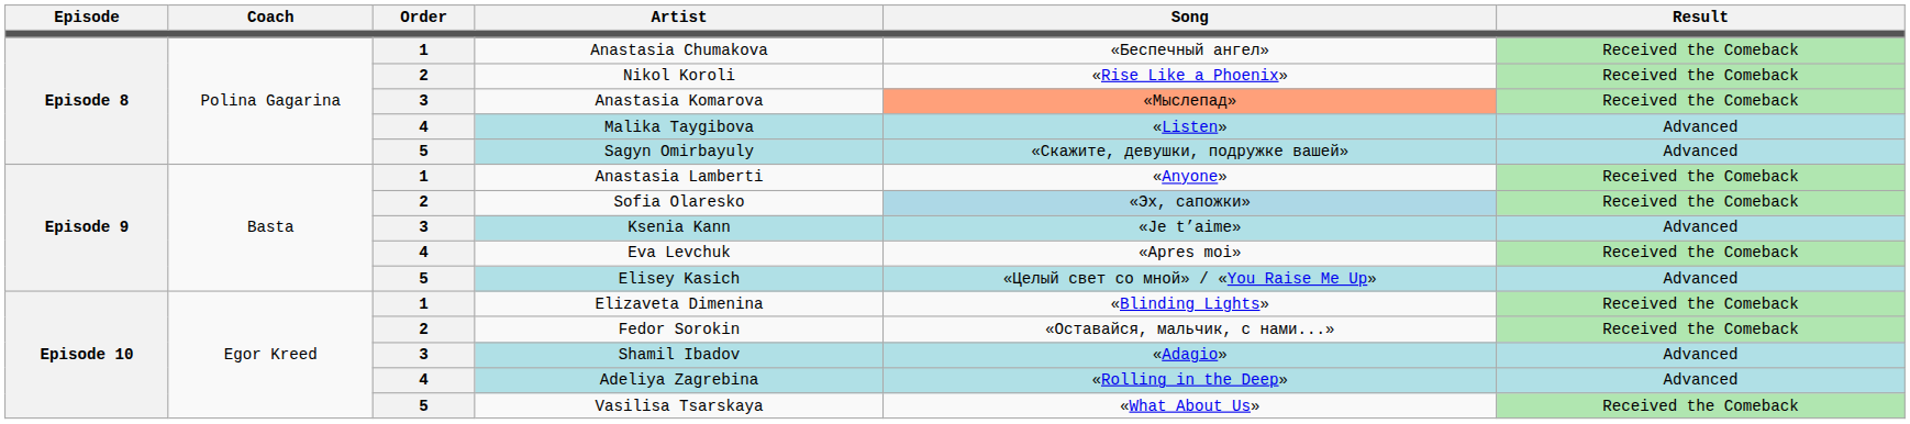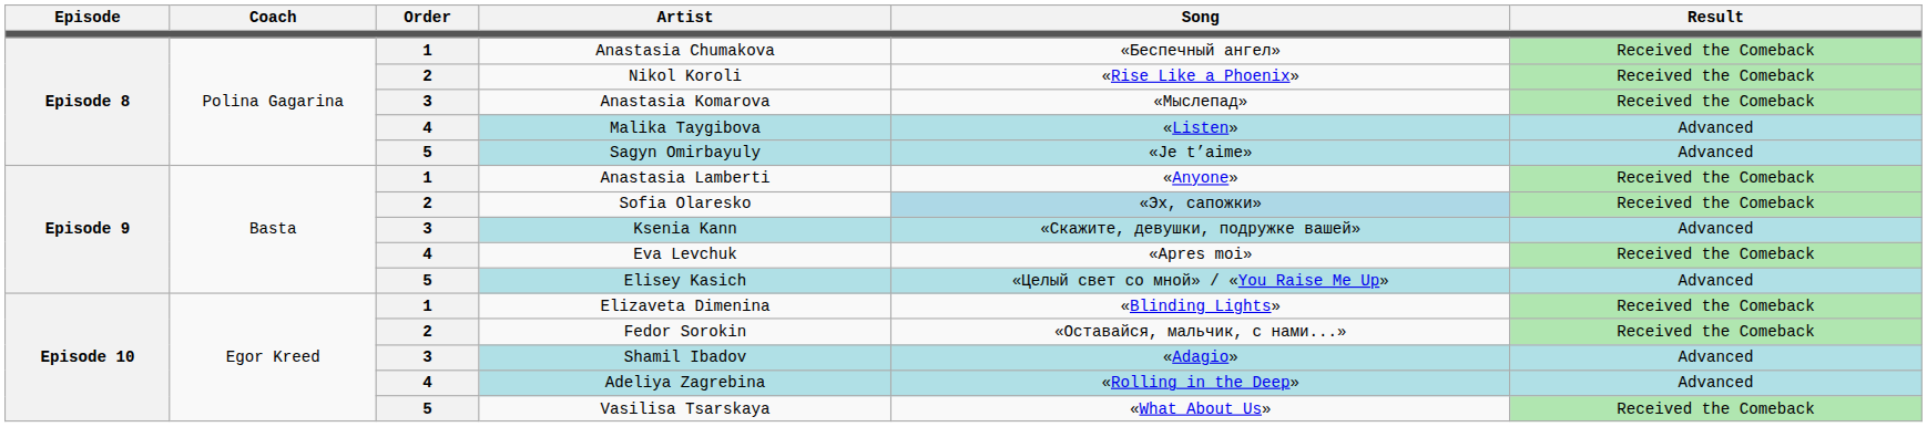 <table class="wikitable" style="text-align: center; width:80%;">
 <tr>
 <th style="width:08%;">Episode</th>
 <th style="width:10%;">Coach</th>
 <th style="width:05%;">Order</th>
 <th style="width:20%;">Artist</th>
 <th style="width:30%;">Song</th>
 <th style="width:20%;">Result</th>
 </tr>
 <tr>
 <td colspan=6 style="background:#555;"></td>
 </tr>
 <tr>
 <th rowspan=5>Episode 8<br><small></small></th>
 <td rowspan=5>Polina Gagarina</td>
 <th>1</th>
 <td>Anastasia Chumakova</td>
 <td>«Беспечный ангел»</td>
 <td style="background:#b0e6b0;">Received the Comeback</td>
 </tr>
 <tr>
 <th>2</th>
 <td>Nikol Koroli</td>
 <td>«<a href='#'>Rise Like a Phoenix</a>»</td>
 <td style="background:#b0e6b0;">Received the Comeback</td>
 </tr>
 <tr>
 <th>3</th>
 <td>Anastasia Komarova</td>
-<td style="background: lightsalmon;">«Мыслепад»</td>
+<td>«Мыслепад»</td>
 <td style="background:#b0e6b0;">Received the Comeback</td>
 </tr>
 <tr>
 <th>4</th>
 <td style="background:#b0e0e6;">Malika Taygibova</td>
 <td style="background:#b0e0e6;">«<a href='#'>Listen</a>»</td>
 <td style="background:#b0e0e6;">Advanced</td>
 </tr>
 <tr>
 <th>5</th>
 <td style="background:#b0e0e6;">Sagyn Omirbayuly</td>
-<td style="background:#b0e0e6;">«Скажите, девушки, подружке вашей»</td>
+<td style="background:#b0e0e6;">«Je t’aime»</td>
 <td style="background:#b0e0e6;">Advanced</td>
 </tr>
 <tr>
 <th rowspan=5>Episode 9<br><small></small></th>
 <td rowspan=5>Basta</td>
 <th>1</th>
 <td>Anastasia Lamberti</td>
 <td>«<a href='#'>Anyone</a>»</td>
 <td style="background:#b0e6b0;">Received the Comeback</td>
 </tr>
 <tr>
 <th>2</th>
 <td>Sofia Olaresko</td>
 <td style="background: lightblue;">«Эх, сапожки»</td>
 <td style="background:#b0e6b0;">Received the Comeback</td>
 </tr>
 <tr>
 <th>3</th>
 <td style="background:#b0e0e6;">Ksenia Kann</td>
-<td style="background:#b0e0e6;">«Je t’aime»</td>
+<td style="background:#b0e0e6;">«Скажите, девушки, подружке вашей»</td>
 <td style="background:#b0e0e6;">Advanced</td>
 </tr>
 <tr>
 <th>4</th>
 <td>Eva Levchuk</td>
 <td>«Apres moi»</td>
 <td style="background:#b0e6b0;">Received the Comeback</td>
 </tr>
 <tr>
 <th>5</th>
 <td style="background:#b0e0e6;">Elisey Kasich</td>
 <td style="background:#b0e0e6;">«Целый свет со мной» / «<a href='#'>You Raise Me Up</a>»</td>
 <td style="background:#b0e0e6;">Advanced</td>
 </tr>
 <tr>
 <th rowspan=5>Episode 10<br><small></small></th>
 <td rowspan=5>Egor Kreed</td>
 <th>1</th>
 <td>Elizaveta Dimenina</td>
 <td>«<a href='#'>Blinding Lights</a>»</td>
 <td style="background:#b0e6b0;">Received the Comeback</td>
 </tr>
 <tr>
 <th>2</th>
 <td>Fedor Sorokin</td>
 <td>«Оставайся, мальчик, с нами...»</td>
 <td style="background:#b0e6b0;">Received the Comeback</td>
 </tr>
 <tr>
 <th>3</th>
 <td style="background:#b0e0e6;">Shamil Ibadov</td>
 <td style="background:#b0e0e6;">«<a href='#'>Adagio</a>»</td>
 <td style="background:#b0e0e6;">Advanced</td>
 </tr>
 <tr>
 <th>4</th>
 <td style="background:#b0e0e6;">Adeliya Zagrebina</td>
 <td style="background:#b0e0e6;">«<a href='#'>Rolling in the Deep</a>»</td>
 <td style="background:#b0e0e6;">Advanced</td>
 </tr>
 <tr>
 <th>5</th>
 <td>Vasilisa Tsarskaya</td>
 <td>«<a href='#'>What About Us</a>»</td>
 <td style="background:#b0e6b0;">Received the Comeback</td>
 </tr>
 </table>
